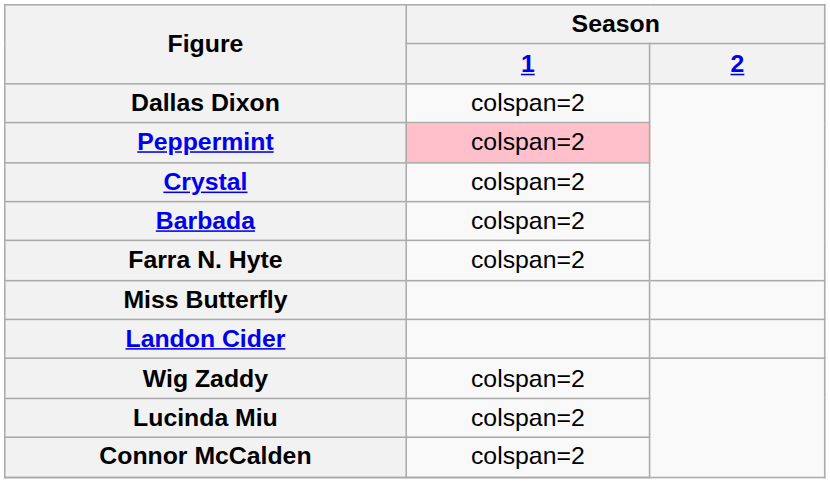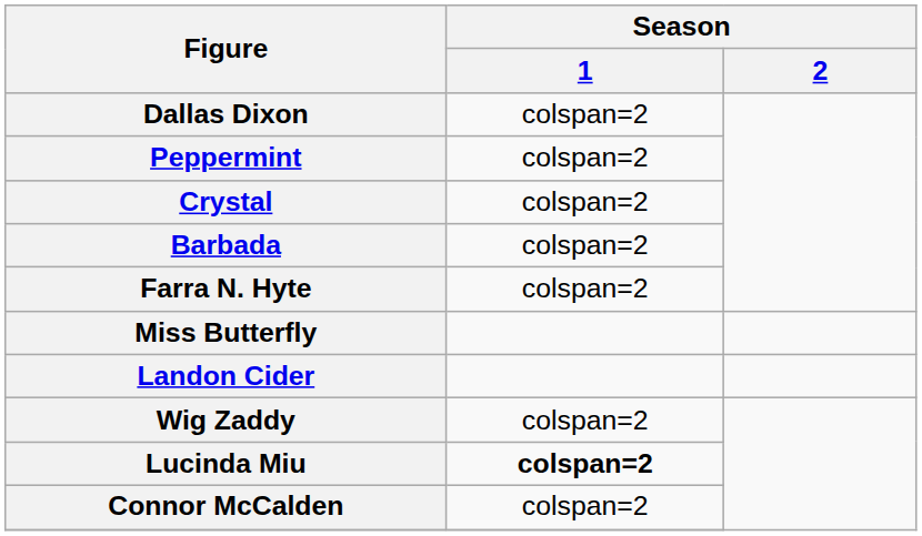 <table class="wikitable plainrowheaders" style="text-align:center; width:60%">
 <tr>
 <th rowspan="2" style="width:15%;" scope="col">Figure</th>
 <th colspan="3">Season</th>
 </tr>
 <tr>
 <th style="width:7%;" scope="colspan"><a href='#'>1</a></th>
 <th style="width:7%;" scope="colspan"><a href='#'>2</a></th>
 </tr>
 <tr>
 <th scope="row" style="text-align: center;">Dallas Dixon</th>
 <td>colspan=2 </td>
 </tr>
 <tr>
 <th scope="row" style="text-align: center;"><a href='#'>Peppermint</a></th>
-<td style="background: pink;">colspan=2 </td>
+<td>colspan=2 </td>
 </tr>
 <tr>
 <th scope="row" style="text-align: center;"><a href='#'>Crystal</a></th>
 <td>colspan=2 </td>
 </tr>
 <tr>
 <th scope="row" style="text-align: center;"><a href='#'>Barbada</a></th>
 <td>colspan=2 </td>
 </tr>
 <tr>
 <th scope="row" style="text-align: center;">Farra N. Hyte</th>
 <td>colspan=2 </td>
 </tr>
 <tr>
 <th scope="row" style="text-align: center;">Miss Butterfly</th>
 <td></td>
 <td></td>
 </tr>
 <tr>
 <th scope="row" style="text-align: center;"><a href='#'>Landon Cider</a></th>
 <td></td>
 <td></td>
 </tr>
 <tr>
 <th scope="row" style="text-align: center;">Wig Zaddy</th>
 <td>colspan=2 </td>
 </tr>
 <tr>
 <th scope="row" style="text-align: center;">Lucinda Miu</th>
-<td>colspan=2 </td>
+<td><strong>colspan=2 </strong></td>
 </tr>
 <tr>
 <th scope="row" style="text-align: center;">Connor McCalden</th>
 <td>colspan=2 </td>
 </tr>
 <tr>
 </tr>
 </table>
